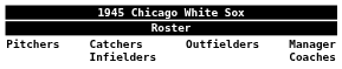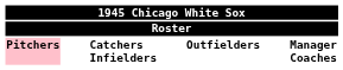 <table class="toccolours" style="font-size: 95%;">
 <tr>
 <th colspan="10" style="background-color: black; color: white; text-align: center;">1945 Chicago White Sox</th>
 </tr>
 <tr>
 <td colspan="10" style="background-color: black; color: white; text-align: center;"><strong>Roster</strong></td>
 </tr>
 <tr>
-<td valign="top"><strong>Pitchers</strong><br>          </td>
+<td valign="top" style="background: pink;"><strong>Pitchers</strong><br>          </td>
 <td width="25px"></td>
 <td valign="top"><strong>Catchers</strong><br>  <strong>Infielders</strong>         </td>
 <td width="25px"></td>
 <td valign="top"><strong>Outfielders</strong><br>    </td>
 <td width="25px"></td>
 <td valign="top"><strong>Manager</strong><br> <strong>Coaches</strong>   </td>
 </tr>
 </table>
